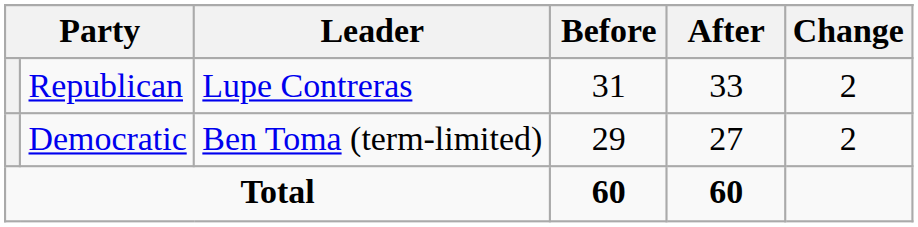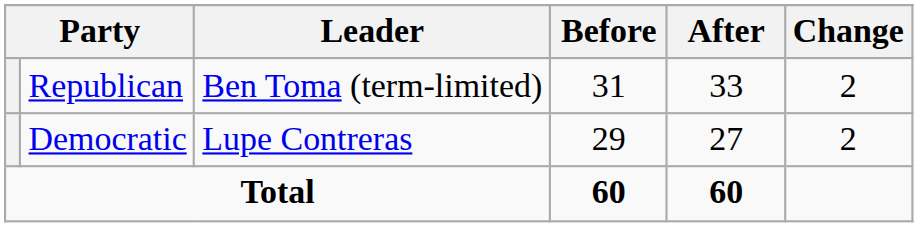 <table class="wikitable" style="text-align:center;">
 <tr>
 </tr>
 <tr>
 <th colspan="2">Party</th>
 <th>Leader</th>
 <th style="width:3em">Before</th>
 <th style="width:3em">After</th>
 <th style="width:3em">Change</th>
 </tr>
 <tr>
 <th style="background-color:"></th>
 <td style="text-align:left;"><a href='#'>Republican</a></td>
-<td style="text-align:left;"><a href='#'>Lupe Contreras</a></td>
+<td style="text-align:left;"><a href='#'>Ben Toma</a> (term-limited)</td>
 <td>31</td>
 <td>33</td>
 <td> 2</td>
 </tr>
 <tr>
 <th style="background-color:"></th>
 <td style="text-align:left;"><a href='#'>Democratic</a></td>
-<td style="text-align:left;"><a href='#'>Ben Toma</a> (term-limited)</td>
+<td style="text-align:left;"><a href='#'>Lupe Contreras</a></td>
 <td>29</td>
 <td>27</td>
 <td> 2</td>
 </tr>
 <tr>
 <td colspan="3"><strong>Total</strong></td>
 <td><strong>60</strong></td>
 <td><strong>60</strong></td>
 <td></td>
 </tr>
 </table>
